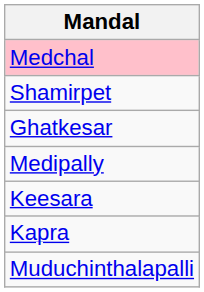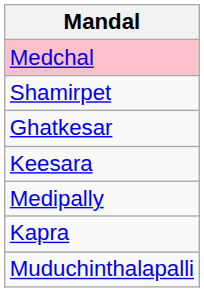 <table class="wikitable sortable static-row-numbers static-row-header-hash">
 <tr>
 <th>Mandal</th>
 </tr>
 <tr>
 <td style="background: pink;"><a href='#'>Medchal</a></td>
 </tr>
 <tr>
 <td><a href='#'>Shamirpet</a></td>
 </tr>
 <tr>
 <td><a href='#'>Ghatkesar</a></td>
 </tr>
 <tr>
-<td><a href='#'>Medipally</a></td>
+<td><a href='#'>Keesara</a></td>
 </tr>
 <tr>
-<td><a href='#'>Keesara</a></td>
+<td><a href='#'>Medipally</a></td>
 </tr>
 <tr>
 <td><a href='#'>Kapra</a></td>
 </tr>
 <tr>
 <td><a href='#'>Muduchinthalapalli</a></td>
 </tr>
 </table>
